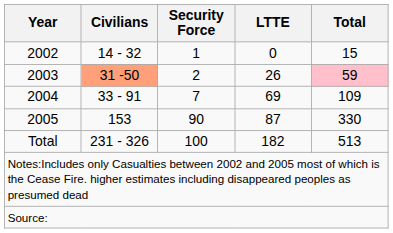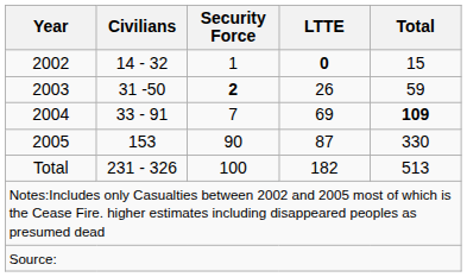 <table style="width:50%;" class="wikitable" border="1">
 <tr>
 <th width=18%>Year</th>
 <th width=18%>Civilians</th>
 <th width=18%>Security Force</th>
 <th width=18%>LTTE</th>
 <th width=18%>Total</th>
 </tr>
 <tr>
 <td align="center">2002</td>
 <td align="center">14 - 32</td>
 <td align="center">1</td>
-<td align="center">0</td>
+<td align="center"><strong>0</strong></td>
 <td align="center">15</td>
 </tr>
 <tr>
 <td align="center">2003</td>
-<td align="center" style="background: lightsalmon;">31 -50</td>
-<td align="center">2</td>
+<td align="center">31 -50</td>
+<td align="center"><strong>2</strong></td>
 <td align="center">26</td>
-<td align="center" style="background: pink;">59</td>
+<td align="center">59</td>
 </tr>
 <tr>
 <td align="center">2004</td>
 <td align="center">33 - 91</td>
 <td align="center">7</td>
 <td align="center">69</td>
-<td align="center">109</td>
+<td align="center"><strong>109</strong></td>
 </tr>
 <tr>
 <td align="center">2005</td>
 <td align="center">153</td>
 <td align="center">90</td>
 <td align="center">87</td>
 <td align="center">330</td>
 </tr>
 <tr>
 <td align="center">Total</td>
 <td align="center">231 - 326</td>
 <td align="center">100</td>
 <td align="center">182</td>
 <td align="center">513</td>
 </tr>
 <tr>
 <td align=left colspan=5><small>Notes:Includes only Casualties between 2002 and 2005 most of which is the Cease Fire.  higher estimates including disappeared peoples as presumed dead</small></td>
 </tr>
 <tr>
 <td align=left colspan=5><small>Source:</small></td>
 </tr>
 </table>
